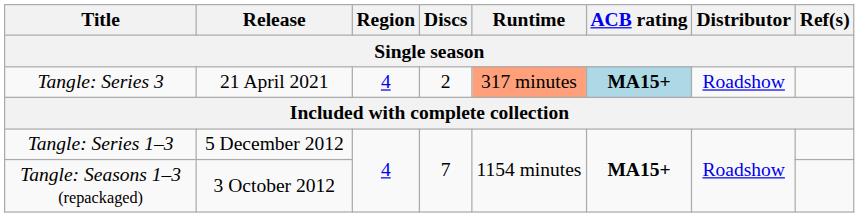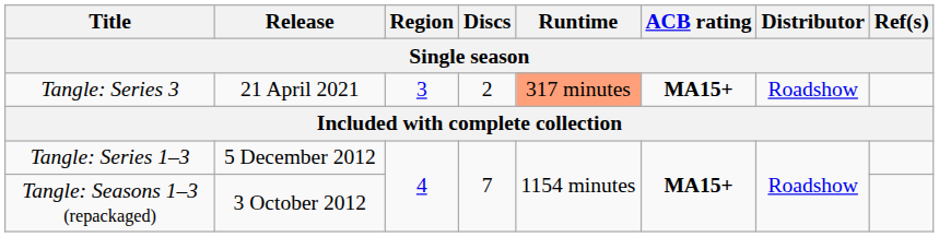 <table class="wikitable">
 <tr>
 <th width="150">Title</th>
 <th width="120">Release</th>
 <th>Region</th>
 <th>Discs</th>
 <th>Runtime</th>
 <th><a href='#'>ACB</a> rating</th>
 <th>Distributor</th>
 <th>Ref(s)</th>
 </tr>
 <tr>
 <th colspan=8>Single season</th>
 </tr>
 <tr>
 <td align="center"><em>Tangle: Series 3</em></td>
 <td align="center">21 April 2021</td>
-<td align="center"><a href='#'>4</a></td>
+<td align="center"><a href='#'>3</a></td>
 <td align="center">2</td>
 <td align="center" style="background: lightsalmon;">317 minutes</td>
-<td align="center" style="background: lightblue;"><span> <strong>MA15+</strong> </span></td>
+<td align="center"><span> <strong>MA15+</strong> </span></td>
 <td align="center"><a href='#'>Roadshow</a></td>
 <td align="center"></td>
 </tr>
 <tr>
 <th colspan=8>Included with complete collection</th>
 </tr>
 <tr>
 <td align="center"><em>Tangle: Series 1–3</em></td>
 <td align="center">5 December 2012</td>
 <td rowspan="2" align="center"><a href='#'>4</a></td>
 <td rowspan="2" align="center">7</td>
 <td rowspan="2" align="center">1154 minutes</td>
 <td rowspan="2" align="center"><span> <strong>MA15+</strong> </span></td>
 <td rowspan="2" align="center"><a href='#'>Roadshow</a></td>
 <td align="center"></td>
 </tr>
 <tr>
 <td align="center"><em>Tangle: Seasons 1–3</em> <small>(repackaged)</small></td>
 <td align="center">3 October 2012</td>
 <td align="center"></td>
 </tr>
 </table>
